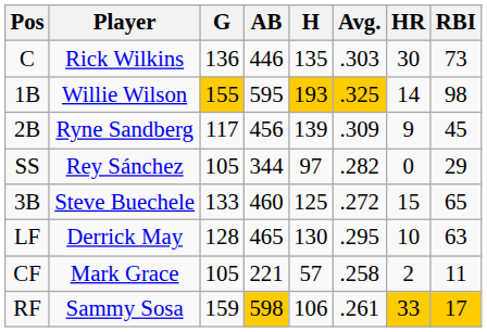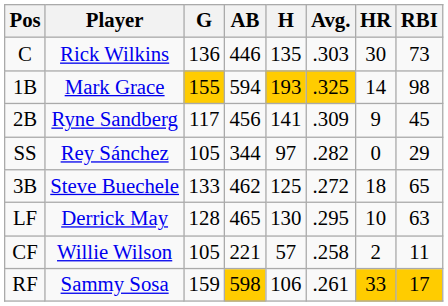 <table class="wikitable sortable" style="text-align:center">
 <tr>
 <th>Pos</th>
 <th>Player</th>
 <th>G</th>
 <th>AB</th>
 <th>H</th>
 <th>Avg.</th>
 <th>HR</th>
 <th>RBI</th>
 </tr>
 <tr>
 <td>C</td>
 <td><a href='#'>Rick Wilkins</a></td>
 <td>136</td>
 <td>446</td>
 <td>135</td>
 <td>.303</td>
 <td>30</td>
 <td>73</td>
 </tr>
 <tr>
 <td>1B</td>
-<td><a href='#'>Willie Wilson</a></td>
+<td><a href='#'>Mark Grace</a></td>
 <td style="background:#fc0;">155</td>
-<td>595</td>
+<td>594</td>
 <td style="background:#fc0;">193</td>
 <td style="background:#fc0;">.325</td>
 <td>14</td>
 <td>98</td>
 </tr>
 <tr>
 <td>2B</td>
 <td><a href='#'>Ryne Sandberg</a></td>
 <td>117</td>
 <td>456</td>
-<td>139</td>
+<td>141</td>
 <td>.309</td>
 <td>9</td>
 <td>45</td>
 </tr>
 <tr>
 <td>SS</td>
 <td><a href='#'>Rey Sánchez</a></td>
 <td>105</td>
 <td>344</td>
 <td>97</td>
 <td>.282</td>
 <td>0</td>
 <td>29</td>
 </tr>
 <tr>
 <td>3B</td>
 <td><a href='#'>Steve Buechele</a></td>
 <td>133</td>
-<td>460</td>
+<td>462</td>
 <td>125</td>
 <td>.272</td>
-<td>15</td>
+<td>18</td>
 <td>65</td>
 </tr>
 <tr>
 <td>LF</td>
 <td><a href='#'>Derrick May</a></td>
 <td>128</td>
 <td>465</td>
 <td>130</td>
 <td>.295</td>
 <td>10</td>
 <td>63</td>
 </tr>
 <tr>
 <td>CF</td>
-<td><a href='#'>Mark Grace</a></td>
+<td><a href='#'>Willie Wilson</a></td>
 <td>105</td>
 <td>221</td>
 <td>57</td>
 <td>.258</td>
 <td>2</td>
 <td>11</td>
 </tr>
 <tr>
 <td>RF</td>
 <td><a href='#'>Sammy Sosa</a></td>
 <td>159</td>
 <td style="background:#fc0;">598</td>
 <td>106</td>
 <td>.261</td>
 <td style="background:#fc0;">33</td>
 <td style="background:#fc0;">17</td>
 </tr>
 </table>
